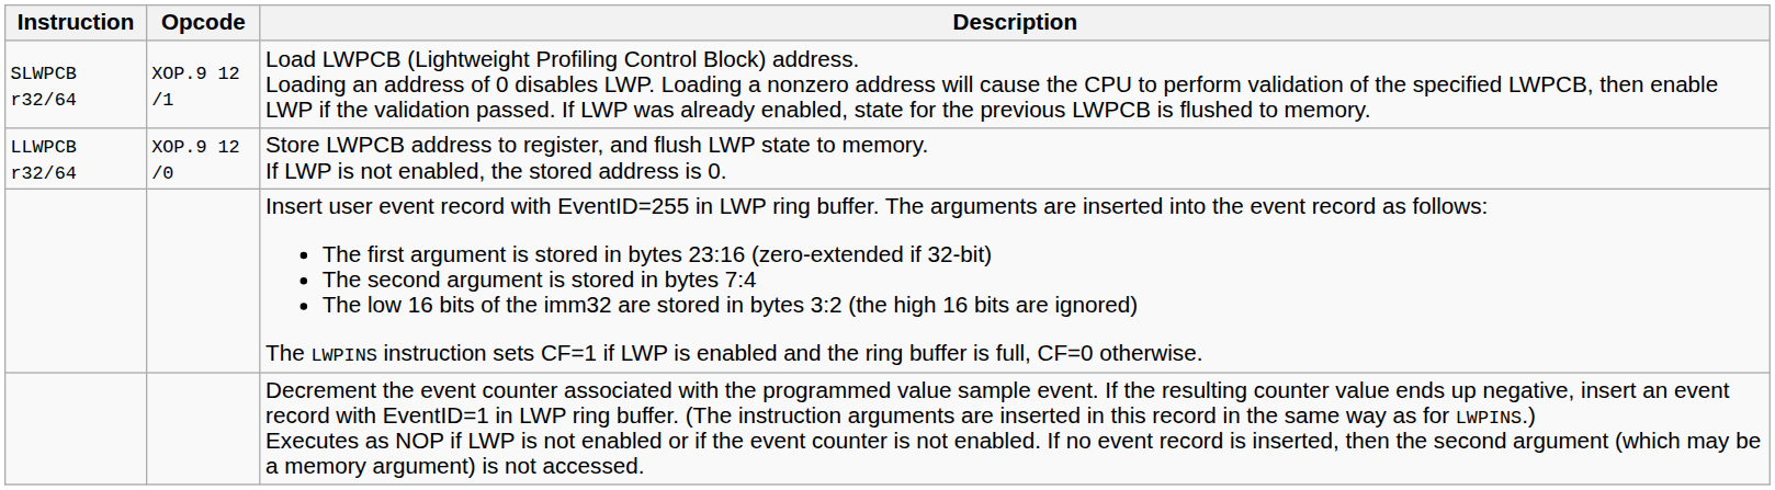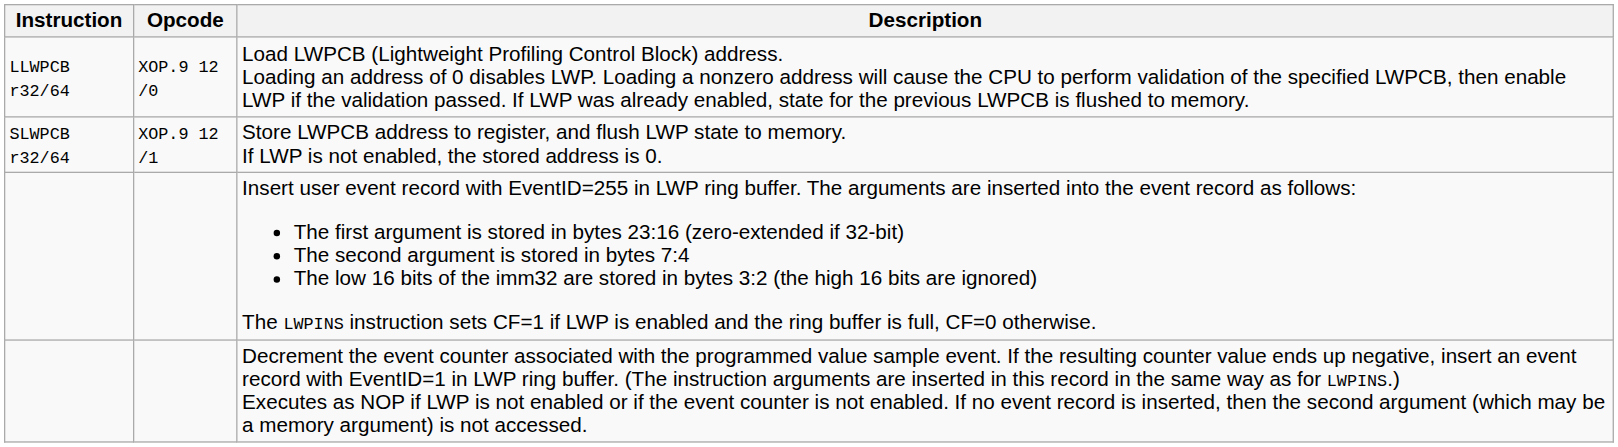 <table class="wikitable">
 <tr>
 <th>Instruction</th>
 <th>Opcode</th>
 <th>Description</th>
 </tr>
 <tr>
-<td><code>SLWPCB r32/64</code></td>
-<td><code>XOP.9 12 /1</code></td>
+<td><code>LLWPCB r32/64</code></td>
+<td><code>XOP.9 12 /0</code></td>
 <td>Load LWPCB (Lightweight Profiling Control Block) address.<br>Loading an address of 0 disables LWP. Loading a nonzero address will cause the CPU to perform validation of the specified LWPCB, then enable LWP if the validation passed. If LWP was already enabled, state for the previous LWPCB is flushed to memory.</td>
 </tr>
 <tr>
-<td><code>LLWPCB r32/64</code></td>
-<td><code>XOP.9 12 /0</code></td>
+<td><code>SLWPCB r32/64</code></td>
+<td><code>XOP.9 12 /1</code></td>
 <td>Store LWPCB address to register, and flush LWP state to memory.<br>If LWP is not enabled, the stored address is 0.</td>
 </tr>
 <tr>
 <td></td>
 <td></td>
 <td>Insert user event record with EventID=255 in LWP ring buffer. The arguments are inserted into the event record as follows:<br><ul><li>The first argument is stored in bytes 23:16 (zero-extended if 32-bit)</li><li>The second argument is stored in bytes 7:4</li><li>The low 16 bits of the imm32 are stored in bytes 3:2 (the high 16 bits are ignored)</li></ul>The <code>LWPINS</code> instruction sets CF=1 if LWP is enabled and the ring buffer is full, CF=0 otherwise.</td>
 </tr>
 <tr>
 <td></td>
 <td></td>
 <td>Decrement the event counter associated with the programmed value sample event. If the resulting counter value ends up negative, insert an event record with EventID=1 in LWP ring buffer. (The instruction arguments are inserted in this record in the same way as for <code>LWPINS</code>.)<br>Executes as NOP if LWP is not enabled or if the event counter is not enabled. If no event record is inserted, then the second argument (which may be a memory argument) is not accessed.</td>
 </tr>
 </table>
